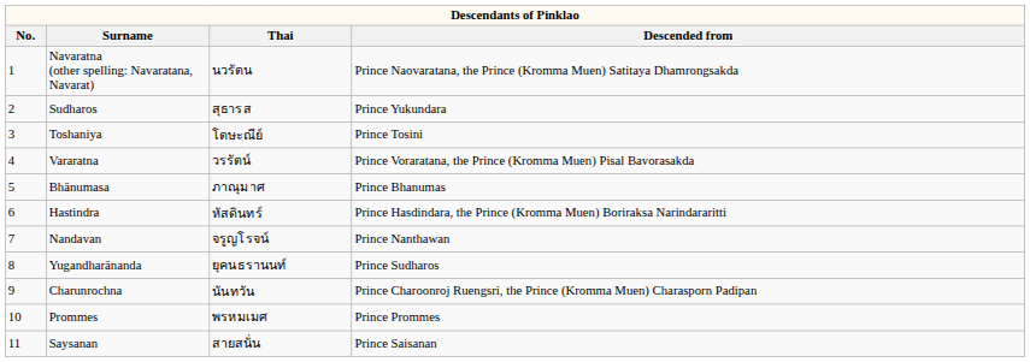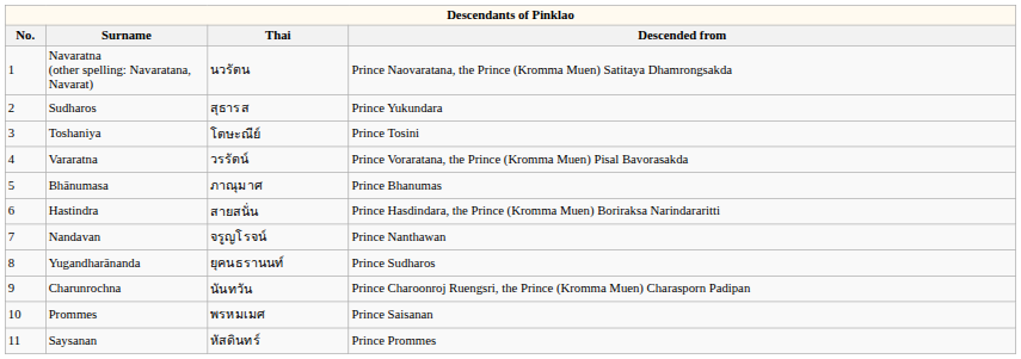 <table class="wikitable collapsible collapsed" style="width:100%;">
 <tr>
 <th style="align: center; background: #fffaf0;" colspan="4"><strong>Descendants of Pinklao</strong></th>
 </tr>
 <tr>
 <th style="width:4%;">No.</th>
 <th style="width:16%;">Surname</th>
 <th style="width:14%;">Thai</th>
 <th style="width:66%;">Descended from</th>
 </tr>
 <tr>
 <td>1</td>
 <td>Navaratna <br>(other spelling: Navaratana, Navarat)</td>
 <td>นวรัตน</td>
 <td>Prince Naovaratana, the Prince (Kromma Muen) Satitaya Dhamrongsakda</td>
 </tr>
 <tr>
 <td>2</td>
 <td>Sudharos</td>
 <td>สุธารส</td>
 <td>Prince Yukundara</td>
 </tr>
 <tr>
 <td>3</td>
 <td>Toshaniya</td>
 <td>โตษะณีย์</td>
 <td>Prince Tosini</td>
 </tr>
 <tr>
 <td>4</td>
 <td>Vararatna</td>
 <td>วรรัตน์</td>
 <td>Prince Voraratana, the Prince (Kromma Muen) Pisal Bavorasakda</td>
 </tr>
 <tr>
 <td>5</td>
 <td>Bhānumasa</td>
 <td>ภาณุมาศ</td>
 <td>Prince Bhanumas</td>
 </tr>
 <tr>
 <td>6</td>
 <td>Hastindra</td>
-<td>หัสดินทร์</td>
+<td>สายสนั่น</td>
 <td>Prince Hasdindara, the Prince (Kromma Muen) Boriraksa Narindararitti</td>
 </tr>
 <tr>
 <td>7</td>
 <td>Nandavan</td>
 <td>จรูญโรจน์</td>
 <td>Prince Nanthawan</td>
 </tr>
 <tr>
 <td>8</td>
 <td>Yugandharānanda</td>
 <td>ยุคนธรานนท์</td>
 <td>Prince Sudharos</td>
 </tr>
 <tr>
 <td>9</td>
 <td>Charunrochna</td>
 <td>นันทวัน</td>
 <td>Prince Charoonroj Ruengsri, the Prince (Kromma Muen) Charasporn Padipan</td>
 </tr>
 <tr>
 <td>10</td>
 <td>Prommes</td>
 <td>พรหมเมศ</td>
-<td>Prince Prommes</td>
+<td>Prince Saisanan</td>
 </tr>
 <tr>
 <td>11</td>
 <td>Saysanan</td>
-<td>สายสนั่น</td>
-<td>Prince Saisanan</td>
+<td>หัสดินทร์</td>
+<td>Prince Prommes</td>
 </tr>
 </table>
